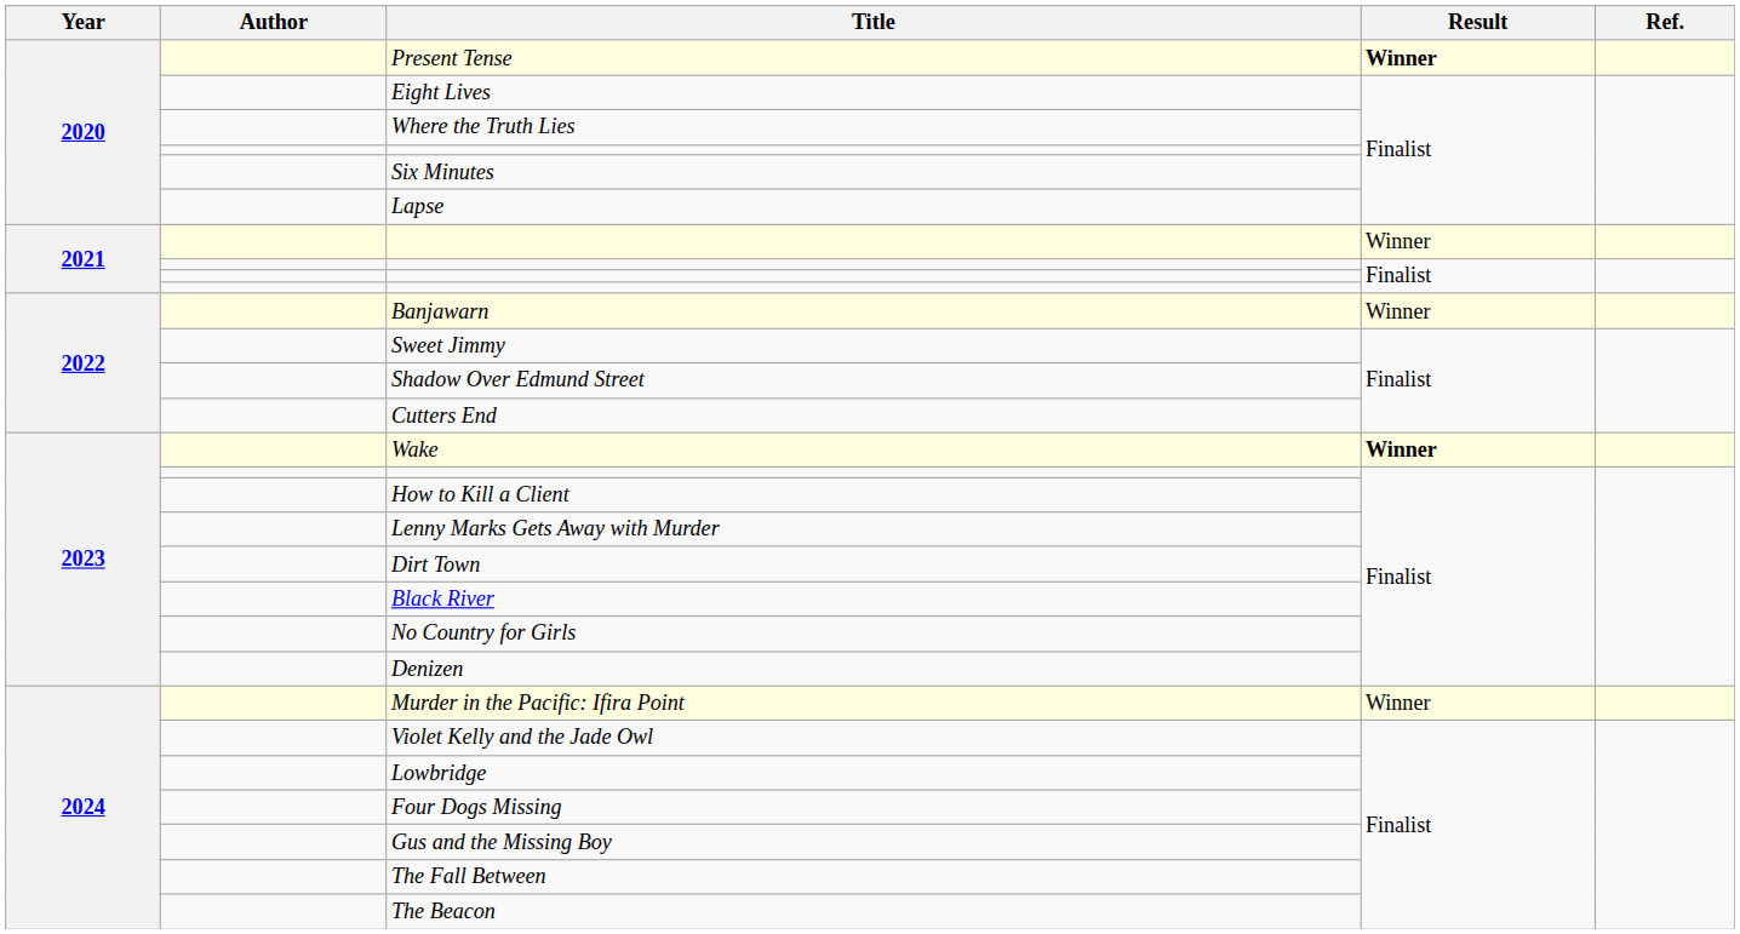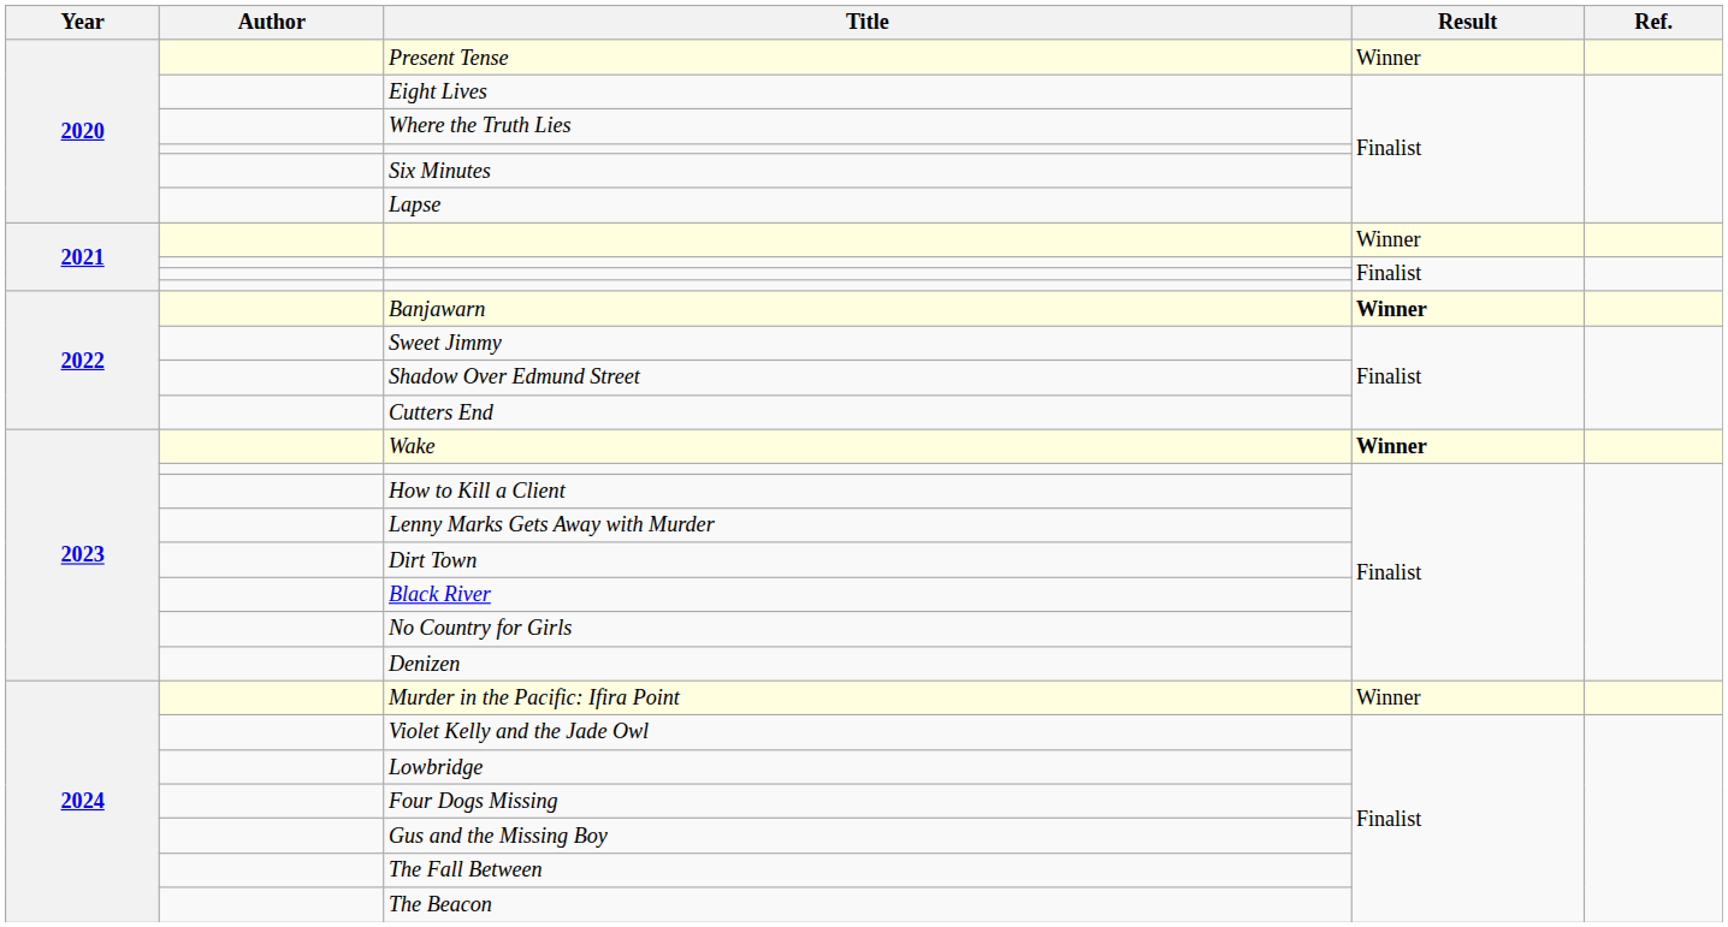 <table class="wikitable" width=100%>
 <tr>
 <th scope=col>Year</th>
 <th scope=col>Author</th>
 <th scope=col>Title</th>
 <th scope=col>Result</th>
 <th scope=col>Ref.</th>
 </tr>
 <tr style="background:lightyellow;">
 <th rowspan="6"><a href='#'>2020</a></th>
 <td></td>
 <td><em>Present Tense</em></td>
-<td><strong>Winner</strong></td>
+<td>Winner</td>
 <td></td>
 </tr>
 <tr>
 <td></td>
 <td><em>Eight Lives</em></td>
 <td rowspan="5">Finalist</td>
 <td rowspan="5"></td>
 </tr>
 <tr>
 <td></td>
 <td><em>Where the Truth Lies</em></td>
 </tr>
 <tr>
 <td></td>
 <td><em></em></td>
 </tr>
 <tr>
 <td></td>
 <td><em>Six Minutes</em></td>
 </tr>
 <tr>
 <td></td>
 <td><em>Lapse</em></td>
 </tr>
 <tr style="background:lightyellow;">
 <th rowspan="4"><a href='#'>2021</a></th>
 <td></td>
 <td><em></em></td>
 <td>Winner</td>
 <td></td>
 </tr>
 <tr>
 <td></td>
 <td><em></em></td>
 <td rowspan="3">Finalist</td>
 <td rowspan="3"></td>
 </tr>
 <tr>
 <td></td>
 <td><em></em></td>
 </tr>
 <tr>
 <td></td>
 <td><em></em></td>
 </tr>
 <tr style="background:lightyellow;">
 <th rowspan="4"><a href='#'>2022</a></th>
 <td></td>
 <td><em>Banjawarn</em></td>
-<td>Winner</td>
+<td><strong>Winner</strong></td>
 <td></td>
 </tr>
 <tr>
 <td></td>
 <td><em>Sweet Jimmy</em></td>
 <td rowspan="3">Finalist</td>
 <td rowspan="3"></td>
 </tr>
 <tr>
 <td></td>
 <td><em>Shadow Over Edmund Street</em></td>
 </tr>
 <tr>
 <td></td>
 <td><em>Cutters End</em></td>
 </tr>
 <tr style="background:lightyellow;">
 <th rowspan="8"><a href='#'>2023</a></th>
 <td></td>
 <td><em>Wake</em></td>
 <td><strong>Winner</strong></td>
 <td></td>
 </tr>
 <tr>
 <td></td>
 <td><em></em></td>
 <td rowspan="7">Finalist</td>
 <td rowspan="7"></td>
 </tr>
 <tr>
 <td></td>
 <td><em>How to Kill a Client</em></td>
 </tr>
 <tr>
 <td></td>
 <td><em>Lenny Marks Gets Away with Murder</em></td>
 </tr>
 <tr>
 <td></td>
 <td><em>Dirt Town</em></td>
 </tr>
 <tr>
 <td></td>
 <td><em><a href='#'>Black River</a></em></td>
 </tr>
 <tr>
 <td></td>
 <td><em>No Country for Girls</em></td>
 </tr>
 <tr>
 <td></td>
 <td><em>Denizen</em></td>
 </tr>
 <tr style="background:lightyellow;">
 <th rowspan="7"><a href='#'>2024</a></th>
 <td></td>
 <td><em>Murder in the Pacific: Ifira Point</em></td>
 <td>Winner</td>
 <td></td>
 </tr>
 <tr>
 <td></td>
 <td><em>Violet Kelly and the Jade Owl</em></td>
 <td rowspan="6">Finalist</td>
 <td rowspan="6"></td>
 </tr>
 <tr>
 <td></td>
 <td><em>Lowbridge</em></td>
 </tr>
 <tr>
 <td></td>
 <td><em>Four Dogs Missing</em></td>
 </tr>
 <tr>
 <td></td>
 <td><em>Gus and the Missing Boy</em></td>
 </tr>
 <tr>
 <td></td>
 <td><em>The Fall Between</em></td>
 </tr>
 <tr>
 <td></td>
 <td><em>The Beacon</em></td>
 </tr>
 </table>
